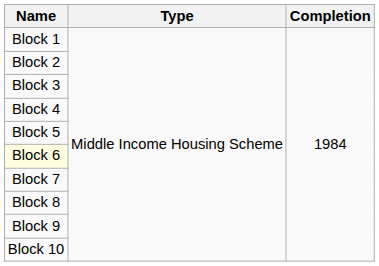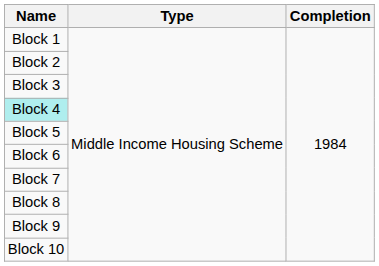 <table class="wikitable" style="text-align: center">
 <tr>
 <th>Name</th>
 <th>Type</th>
 <th>Completion</th>
 </tr>
 <tr>
 <td>Block 1</td>
 <td rowspan="10">Middle Income Housing Scheme</td>
 <td rowspan="10">1984</td>
 </tr>
 <tr>
 <td>Block 2</td>
 </tr>
 <tr>
 <td>Block 3</td>
 </tr>
 <tr>
-<td>Block 4</td>
+<td style="background: paleturquoise;">Block 4</td>
 </tr>
 <tr>
 <td>Block 5</td>
 </tr>
 <tr>
-<td style="background: lightyellow;">Block 6</td>
+<td>Block 6</td>
 </tr>
 <tr>
 <td>Block 7</td>
 </tr>
 <tr>
 <td>Block 8</td>
 </tr>
 <tr>
 <td>Block 9</td>
 </tr>
 <tr>
 <td>Block 10</td>
 </tr>
 </table>
